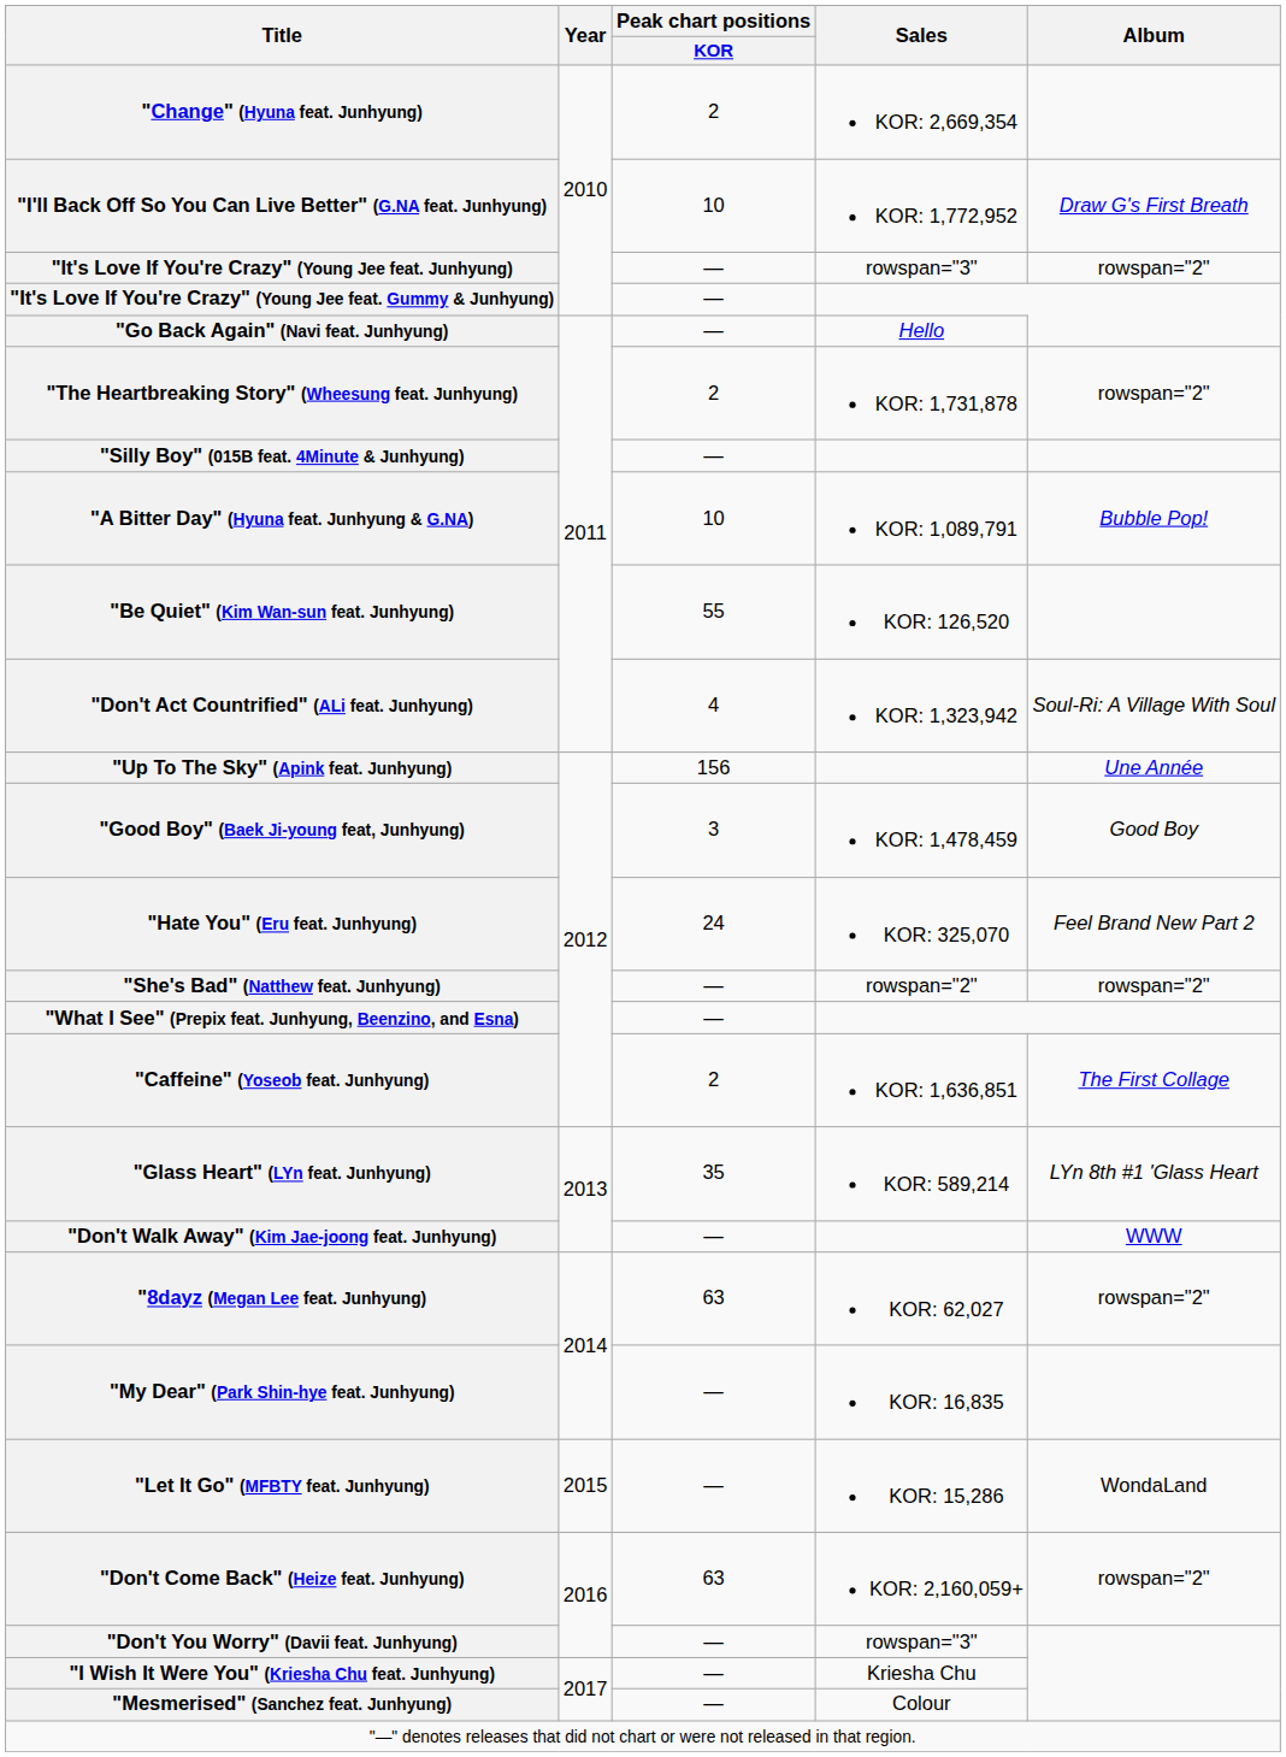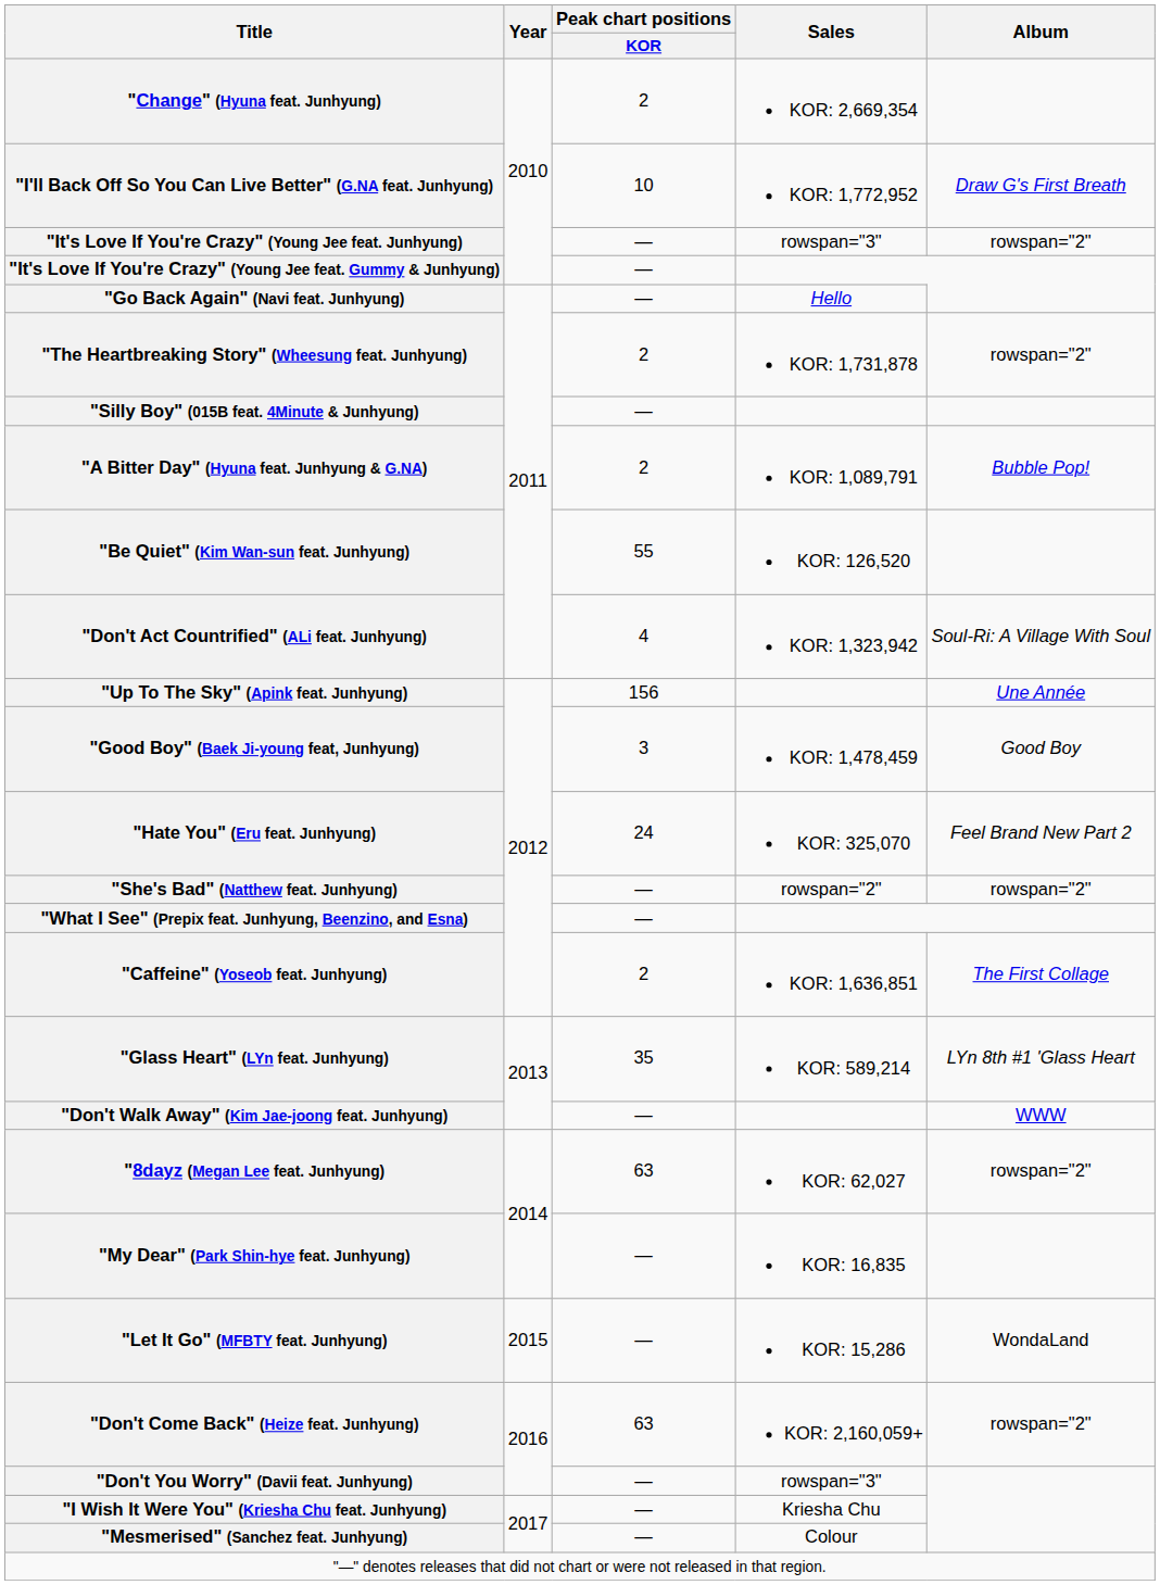 <table class="wikitable plainrowheaders" style="text-align:center;">
 <tr>
 <th rowspan="2" scope="col">Title</th>
 <th rowspan="2" scope="col">Year</th>
 <th scope="col">Peak chart positions</th>
 <th rowspan="2" scope="col">Sales</th>
 <th rowspan="2" scope="col">Album</th>
 </tr>
 <tr>
 <th style="width=3em;font-size:90%"><a href='#'>KOR</a><br></th>
 </tr>
 <tr>
 <th scope="row">"<a href='#'>Change</a>" <small>(<a href='#'>Hyuna</a> feat. Junhyung)</small></th>
 <td rowspan="4">2010</td>
 <td>2</td>
 <td><br><ul><li>KOR: 2,669,354</li></ul></td>
 <td></td>
 </tr>
 <tr>
 <th scope="row">"I'll Back Off So You Can Live Better" <small>(<a href='#'>G.NA</a> feat. Junhyung)</small></th>
 <td>10</td>
 <td><br><ul><li>KOR: 1,772,952</li></ul></td>
 <td><em><a href='#'>Draw G's First Breath</a></em></td>
 </tr>
 <tr>
 <th scope="row">"It's Love If You're Crazy" <small>(Young Jee feat. Junhyung)</small></th>
 <td>—</td>
 <td>rowspan="3" </td>
 <td>rowspan="2" </td>
 </tr>
 <tr>
 <th scope="row">"It's Love If You're Crazy" <small>(Young Jee feat. <a href='#'>Gummy</a> & Junhyung)</small></th>
 <td>—</td>
 </tr>
 <tr>
 <th scope="row">"Go Back Again" <small>(Navi feat. Junhyung)</small></th>
 <td rowspan="6">2011</td>
 <td>—</td>
 <td><em><a href='#'>Hello</a></em></td>
 </tr>
 <tr>
 <th scope="row">"The Heartbreaking Story" <small>(<a href='#'>Wheesung</a> feat. Junhyung)</small></th>
 <td>2</td>
 <td><br><ul><li>KOR: 1,731,878</li></ul></td>
 <td>rowspan="2" </td>
 </tr>
 <tr>
 <th scope="row">"Silly Boy" <small>(015B feat. <a href='#'>4Minute</a> & Junhyung)</small></th>
 <td>—</td>
 <td></td>
 </tr>
 <tr>
 <th scope="row">"A Bitter Day" <small>(<a href='#'>Hyuna</a> feat. Junhyung & <a href='#'>G.NA</a>)</small></th>
-<td>10</td>
+<td>2</td>
 <td><br><ul><li>KOR: 1,089,791</li></ul></td>
 <td><em><a href='#'>Bubble Pop!</a></em></td>
 </tr>
 <tr>
 <th scope="row">"Be Quiet" <small>(<a href='#'>Kim Wan-sun</a> feat. Junhyung)</small></th>
 <td>55</td>
 <td><br><ul><li>KOR: 126,520</li></ul></td>
 <td></td>
 </tr>
 <tr>
 <th scope="row">"Don't Act Countrified" <small>(<a href='#'>ALi</a> feat. Junhyung)</small></th>
 <td>4</td>
 <td><br><ul><li>KOR: 1,323,942</li></ul></td>
 <td><em>Soul-Ri: A Village With Soul</em></td>
 </tr>
 <tr>
 <th scope="row">"Up To The Sky" <small>(<a href='#'>Apink</a> feat. Junhyung)</small></th>
 <td rowspan="6">2012</td>
 <td>156</td>
 <td></td>
 <td><em><a href='#'>Une Année</a></em></td>
 </tr>
 <tr>
 <th scope="row">"Good Boy" <small>(<a href='#'>Baek Ji-young</a> feat, Junhyung)</small></th>
 <td>3</td>
 <td><br><ul><li>KOR: 1,478,459</li></ul></td>
 <td><em>Good Boy</em></td>
 </tr>
 <tr>
 <th scope="row">"Hate You" <small>(<a href='#'>Eru</a> feat. Junhyung)</small></th>
 <td>24</td>
 <td><br><ul><li>KOR: 325,070</li></ul></td>
 <td><em>Feel Brand New Part 2</em></td>
 </tr>
 <tr>
 <th scope="row">"She's Bad" <small>(<a href='#'>Natthew</a> feat. Junhyung)</small></th>
 <td>—</td>
 <td>rowspan="2" </td>
 <td>rowspan="2" </td>
 </tr>
 <tr>
 <th scope="row">"What I See" <small>(Prepix feat. Junhyung, <a href='#'>Beenzino</a>, and <a href='#'>Esna</a>)</small></th>
 <td>—</td>
 </tr>
 <tr>
 <th scope="row">"Caffeine" <small>(<a href='#'>Yoseob</a> feat. Junhyung)</small></th>
 <td>2</td>
 <td><br><ul><li>KOR: 1,636,851</li></ul></td>
 <td><em><a href='#'>The First Collage</a></em></td>
 </tr>
 <tr>
 <th scope="row">"Glass Heart" <small>(<a href='#'>LYn</a> feat. Junhyung)</small></th>
 <td rowspan="2">2013</td>
 <td>35</td>
 <td><br><ul><li>KOR: 589,214</li></ul></td>
 <td><em>LYn 8th #1 'Glass Heart<strong></td>
 </tr>
 <tr>
 <th scope="row">"Don't Walk Away" <small>(<a href='#'>Kim Jae-joong</a> feat. Junhyung)</small></th>
 <td>—</td>
 <td></td>
 <td></em><a href='#'>WWW</a><em></td>
 </tr>
 <tr>
 <th scope="row">"<a href='#'>8dayz</a> <small>(<a href='#'>Megan Lee</a> feat. Junhyung)</small></th>
 <td rowspan="2">2014</td>
 <td>63</td>
 <td><br><ul><li>KOR: 62,027</li></ul></td>
 <td>rowspan="2" </td>
 </tr>
 <tr>
 <th scope="row">"My Dear" <small>(<a href='#'>Park Shin-hye</a> feat. Junhyung)</small></th>
 <td>—</td>
 <td><br><ul><li>KOR: 16,835</li></ul></td>
 </tr>
 <tr>
 <th scope="row">"Let It Go" <small>(<a href='#'>MFBTY</a> feat. Junhyung)</small></th>
 <td>2015</td>
 <td>—</td>
 <td><br><ul><li>KOR: 15,286</li></ul></td>
 <td></em>WondaLand<em></td>
 </tr>
 <tr>
 <th scope="row">"Don't Come Back" <small>(<a href='#'>Heize</a> feat. Junhyung)</small></th>
 <td rowspan="2">2016</td>
 <td>63</td>
 <td><br><ul><li>KOR: 2,160,059+</li></ul></td>
 <td>rowspan="2" </td>
 </tr>
 <tr>
 <th scope="row">"Don't You Worry" <small>(Davii feat. Junhyung)</small></th>
 <td>—</td>
 <td>rowspan="3" </td>
 </tr>
 <tr>
 <th scope="row">"I Wish It Were You" <small>(<a href='#'>Kriesha Chu</a> feat. Junhyung)</small></th>
 <td rowspan="2">2017</td>
 <td>—</td>
 <td></em>Kriesha Chu<em></td>
 </tr>
 <tr>
 <th scope="row">"Mesmerised" <small>(Sanchez feat. Junhyung)</small></th>
 <td>—</td>
 <td></em>Colour<em></td>
 </tr>
 <tr>
 <td colspan="5"><small>"—" denotes releases that did not chart or were not released in that region.</small></td>
 </tr>
 </table>
